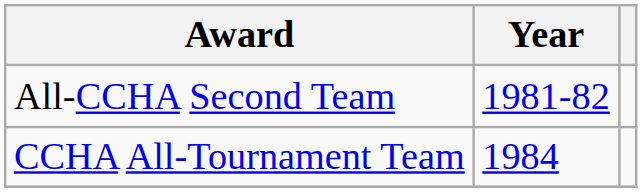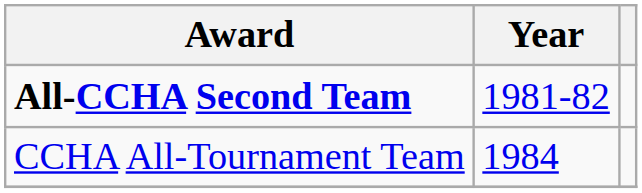 <table class="wikitable">
 <tr>
 <th>Award</th>
 <th>Year</th>
 <th></th>
 </tr>
 <tr>
-<td>All-<a href='#'>CCHA</a> <a href='#'>Second Team</a></td>
+<td><strong>All-<a href='#'>CCHA</a> <a href='#'>Second Team</a></strong></td>
 <td><a href='#'>1981-82</a></td>
 <td></td>
 </tr>
 <tr>
 <td><a href='#'>CCHA</a> <a href='#'>All-Tournament Team</a></td>
 <td><a href='#'>1984</a></td>
 <td></td>
 </tr>
 <tr>
 </tr>
 </table>
